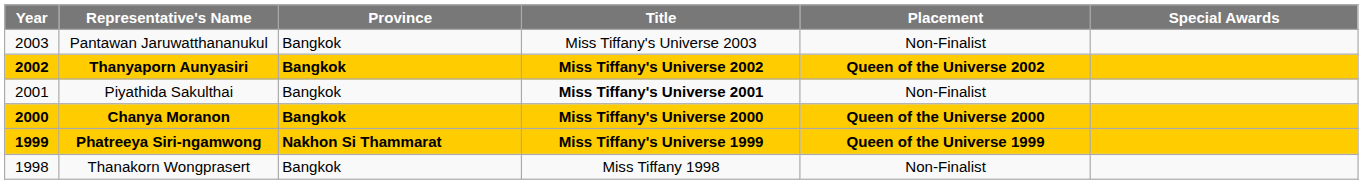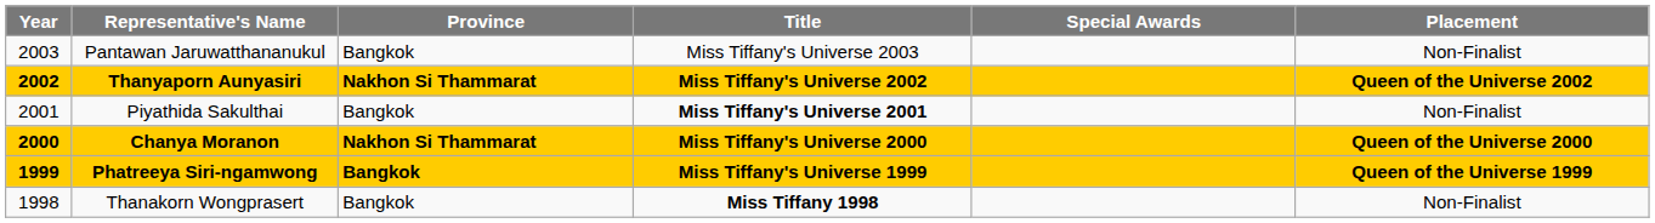 <table class="wikitable" style="font-size: 80%; text-align:center">
 <tr>
 <th width="40" style="background-color:#787878;color:#FFFFFF;">Year</th>
 <th width="180" style="background-color:#787878;color:#FFFFFF;">Representative's Name</th>
 <th width="200" style="background-color:#787878;color:#FFFFFF;">Province</th>
 <th width="230" style="background-color:#787878;color:#FFFFFF;">Title</th>
+<th width="220" style="background-color:#787878;color:#FFFFFF;">Special Awards</th>
 <th width="240" style="background-color:#787878;color:#FFFFFF;">Placement</th>
-<th width="220" style="background-color:#787878;color:#FFFFFF;">Special Awards</th>
 </tr>
 <tr>
 <td>2003</td>
 <td>Pantawan Jaruwatthananukul</td>
 <td align=left>Bangkok</td>
 <td>Miss Tiffany's Universe 2003</td>
+<td></td>
 <td align="center">Non-Finalist</td>
-<td></td>
 </tr>
 <tr style="background-color:#FFCC00;">
 <td><strong>2002</strong></td>
 <td><strong>Thanyaporn Aunyasiri</strong></td>
-<td align=left><strong>Bangkok</strong></td>
+<td align=left><strong>Nakhon Si Thammarat</strong></td>
 <td><strong>Miss Tiffany's Universe 2002</strong></td>
+<td style="background:;"></td>
 <td align="center"><strong>Queen of the Universe 2002</strong></td>
-<td style="background:;"></td>
 </tr>
 <tr>
 <td>2001</td>
 <td>Piyathida Sakulthai</td>
 <td align=left>Bangkok</td>
 <td><strong>Miss Tiffany's Universe 2001</strong></td>
+<td></td>
 <td align="center">Non-Finalist</td>
-<td></td>
 </tr>
 <tr style="background-color:#FFCC00;">
 <td><strong>2000</strong></td>
 <td><strong>Chanya Moranon</strong></td>
-<td align=left><strong>Bangkok</strong></td>
+<td align=left><strong>Nakhon Si Thammarat</strong></td>
 <td><strong>Miss Tiffany's Universe 2000</strong></td>
+<td style="background:;"></td>
 <td align="center"><strong>Queen of the Universe 2000</strong></td>
-<td style="background:;"></td>
 </tr>
 <tr style="background-color:#FFCC00;">
 <td><strong>1999</strong></td>
 <td><strong>Phatreeya Siri-ngamwong</strong></td>
-<td align=left><strong>Nakhon Si Thammarat</strong></td>
+<td align=left><strong>Bangkok</strong></td>
 <td><strong>Miss Tiffany's Universe 1999</strong></td>
+<td style="background:;"></td>
 <td align="center"><strong>Queen of the Universe 1999</strong></td>
-<td style="background:;"></td>
 </tr>
 <tr>
 <td>1998</td>
 <td>Thanakorn Wongprasert</td>
 <td align=left>Bangkok</td>
-<td>Miss Tiffany 1998</td>
+<td><strong>Miss Tiffany 1998</strong></td>
+<td></td>
 <td align="center">Non-Finalist</td>
-<td></td>
 </tr>
 </table>
